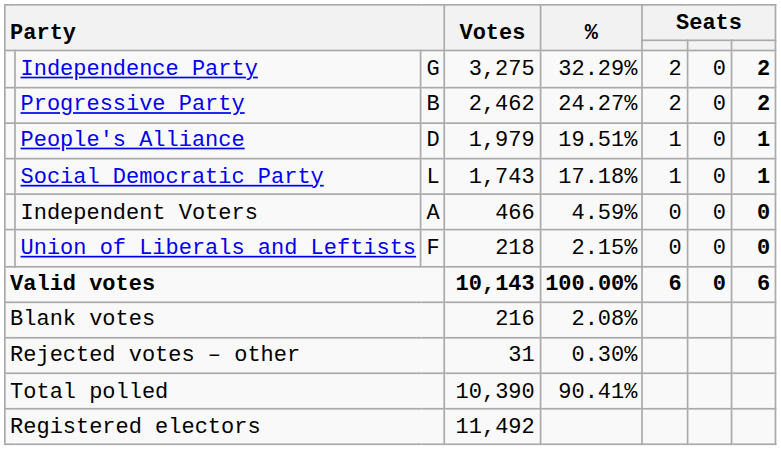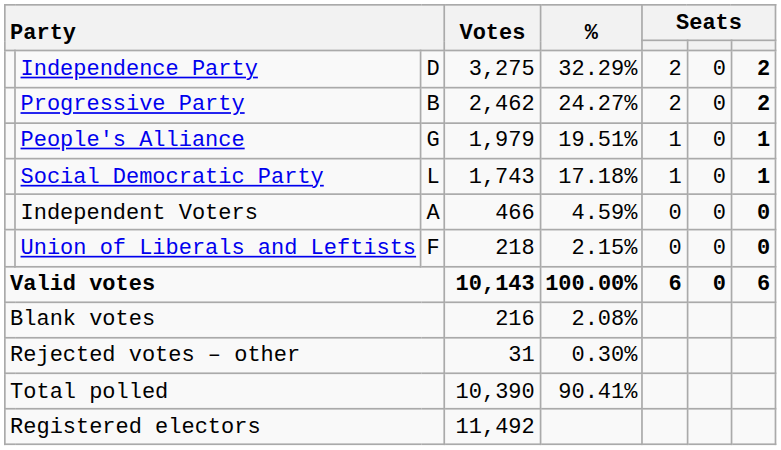 <table class="wikitable" border="1" style="text-align:right;">
 <tr>
 <th style="text-align:left;" valign=bottom rowspan=2 colspan=3>Party</th>
 <th align=center valign=bottom rowspan=2 width="50">Votes</th>
 <th align=center valign=bottom rowspan=2 width="50">%</th>
 <th colspan=3>Seats</th>
 </tr>
 <tr>
 <th align=center valign=bottom width="20"><small></small></th>
 <th align=center valign=bottom width="20"><small><a href='#'></a></small></th>
 <th align=center valign=bottom width="20"><small></small></th>
 </tr>
 <tr>
 <td></td>
 <td align=left><a href='#'>Independence Party</a></td>
-<td align=left>G</td>
+<td align=left>D</td>
 <td>3,275</td>
 <td>32.29%</td>
 <td>2</td>
 <td>0</td>
 <td><strong>2</strong></td>
 </tr>
 <tr>
 <td></td>
 <td align=left><a href='#'>Progressive Party</a></td>
 <td align=left>B</td>
 <td>2,462</td>
 <td>24.27%</td>
 <td>2</td>
 <td>0</td>
 <td><strong>2</strong></td>
 </tr>
 <tr>
 <td></td>
 <td align=left><a href='#'>People's Alliance</a></td>
-<td align=left>D</td>
+<td align=left>G</td>
 <td>1,979</td>
 <td>19.51%</td>
 <td>1</td>
 <td>0</td>
 <td><strong>1</strong></td>
 </tr>
 <tr>
 <td></td>
 <td align=left><a href='#'>Social Democratic Party</a></td>
 <td align=left>L</td>
 <td>1,743</td>
 <td>17.18%</td>
 <td>1</td>
 <td>0</td>
 <td><strong>1</strong></td>
 </tr>
 <tr>
 <td></td>
 <td align=left>Independent Voters</td>
 <td align=left>A</td>
 <td>466</td>
 <td>4.59%</td>
 <td>0</td>
 <td>0</td>
 <td><strong>0</strong></td>
 </tr>
 <tr>
 <td></td>
 <td align=left><a href='#'>Union of Liberals and Leftists</a></td>
 <td align=left>F</td>
 <td>218</td>
 <td>2.15%</td>
 <td>0</td>
 <td>0</td>
 <td><strong>0</strong></td>
 </tr>
 <tr style="font-weight:bold">
 <td align=left colspan=3>Valid votes</td>
 <td>10,143</td>
 <td>100.00%</td>
 <td>6</td>
 <td>0</td>
 <td>6</td>
 </tr>
 <tr>
 <td align=left colspan=3>Blank votes</td>
 <td>216</td>
 <td>2.08%</td>
 <td></td>
 <td></td>
 <td></td>
 </tr>
 <tr>
 <td align=left colspan=3>Rejected votes – other</td>
 <td>31</td>
 <td>0.30%</td>
 <td></td>
 <td></td>
 <td></td>
 </tr>
 <tr>
 <td align=left colspan=3>Total polled</td>
 <td>10,390</td>
 <td>90.41%</td>
 <td></td>
 <td></td>
 <td></td>
 </tr>
 <tr>
 <td align=left colspan=3>Registered electors</td>
 <td>11,492</td>
 <td></td>
 <td></td>
 <td></td>
 <td></td>
 </tr>
 </table>
